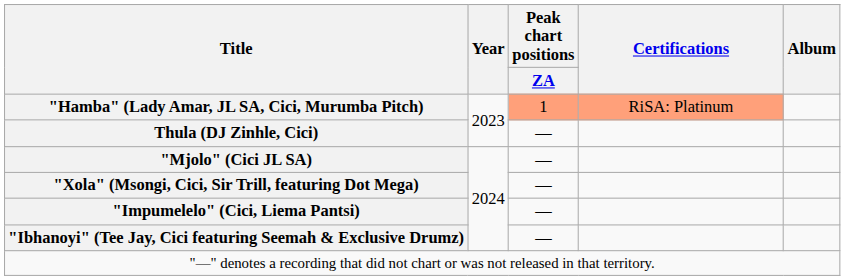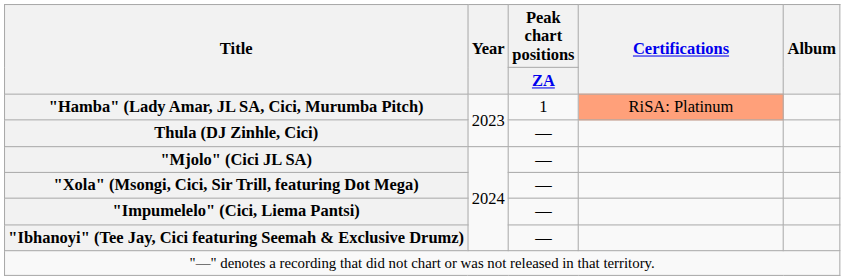 <table class="wikitable plainrowheaders" style="text-align:center;">
 <tr>
 <th scope="col" rowspan="2">Title</th>
 <th scope="col" rowspan="2">Year</th>
 <th scope="col" colspan="1">Peak chart positions</th>
 <th scope="col" rowspan="2" style="width:12em;"><a href='#'>Certifications</a></th>
 <th scope="col" rowspan="2">Album</th>
 </tr>
 <tr>
 <th scope="col" style="width:3em;font-size:100%;"><a href='#'>ZA</a><br></th>
 </tr>
 <tr>
 <th scope="row">"Hamba" (Lady Amar, JL SA, Cici, Murumba Pitch)</th>
 <td rowspan=2>2023</td>
-<td style="background: lightsalmon;">1 </td>
+<td>1 </td>
 <td style="background: lightsalmon;">RiSA: Platinum </td>
 <td></td>
 </tr>
 <tr>
 <th scope="row">Thula (DJ Zinhle, Cici)</th>
 <td>—</td>
 <td></td>
 <td></td>
 </tr>
 <tr>
 <th scope="row">"Mjolo" (Cici JL SA)</th>
 <td rowspan=4>2024</td>
 <td>—</td>
 <td></td>
 <td></td>
 </tr>
 <tr>
 <th scope="row">"Xola" (Msongi, Cici, Sir Trill, featuring Dot Mega)</th>
 <td>—</td>
 <td></td>
 <td></td>
 </tr>
 <tr>
 <th scope="row">"Impumelelo" (Cici, Liema Pantsi)</th>
 <td>—</td>
 <td></td>
 <td></td>
 </tr>
 <tr>
 <th scope="row">"Ibhanoyi" (Tee Jay, Cici featuring Seemah & Exclusive Drumz)</th>
 <td>—</td>
 <td></td>
 <td></td>
 </tr>
 <tr>
 <td colspan="8" style="font-size:90%">"—" denotes a recording that did not chart or was not released in that territory.</td>
 </tr>
 </table>
